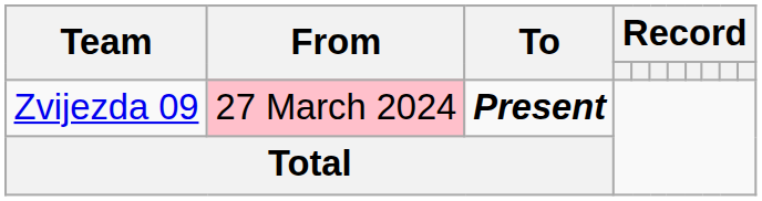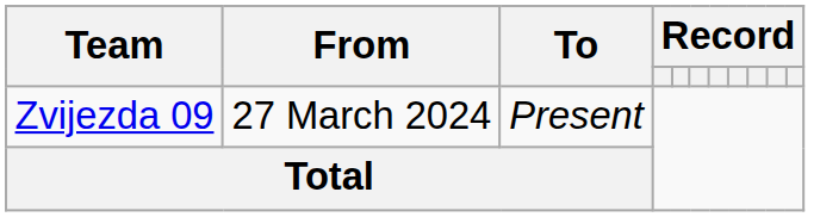 <table class="wikitable" tyle="text-align: center">
 <tr>
 <th rowspan=2>Team</th>
 <th rowspan=2>From</th>
 <th rowspan=2>To</th>
 <th colspan=8>Record</th>
 </tr>
 <tr>
 <th></th>
 <th></th>
 <th></th>
 <th></th>
 <th></th>
 <th></th>
 <th></th>
 <th></th>
 </tr>
 <tr>
 <td align=left><a href='#'>Zvijezda 09</a></td>
-<td align=left style="background: pink;">27 March 2024</td>
-<td align=left><strong><em>Present</em><br></strong></td>
+<td align=left>27 March 2024</td>
+<td align=left><em>Present</em><br></td>
 </tr>
 <tr>
 <th colspan=3>Total<br></th>
 </tr>
 </table>
